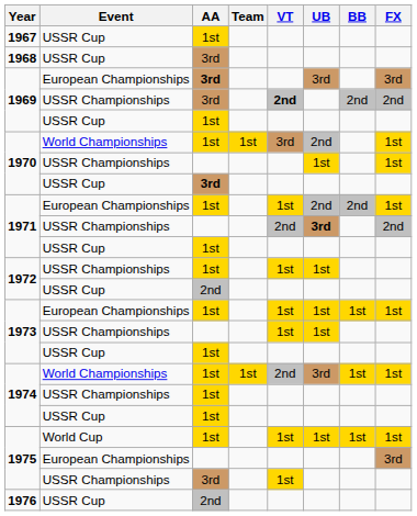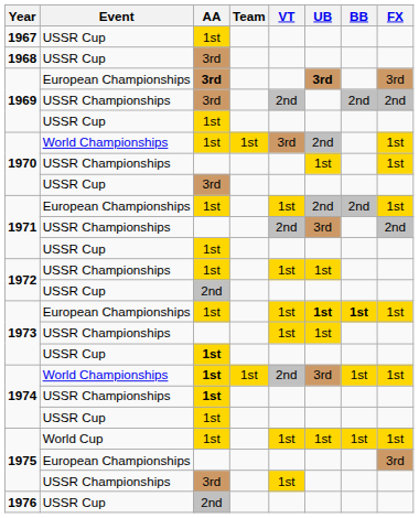 <table class="wikitable" style="text-align:center; font-size: 80%;">
 <tr>
 <th>Year</th>
 <th>Event</th>
 <th width=30px>AA</th>
 <th width=30px>Team</th>
 <th width=30px><a href='#'>VT</a></th>
 <th width=30px><a href='#'>UB</a></th>
 <th width=30px><a href='#'>BB</a></th>
 <th width=30px><a href='#'>FX</a></th>
 </tr>
 <tr>
 <td rowspan="1"><strong>1967</strong></td>
 <td align=left>USSR Cup</td>
 <td bgcolor=gold>1st</td>
 <td></td>
 <td></td>
 <td></td>
 <td></td>
 <td></td>
 </tr>
 <tr>
 <td rowspan="1"><strong>1968</strong></td>
 <td align=left>USSR Cup</td>
 <td bgcolor=CC9966>3rd</td>
 <td></td>
 <td></td>
 <td></td>
 <td></td>
 <td></td>
 </tr>
 <tr>
 <td rowspan="3"><strong>1969</strong></td>
 <td align=left>European Championships</td>
 <td bgcolor=CC9966><strong>3rd</strong></td>
 <td></td>
 <td></td>
-<td bgcolor=CC9966>3rd</td>
+<td bgcolor=CC9966><strong>3rd</strong></td>
 <td></td>
 <td bgcolor=CC9966>3rd</td>
 </tr>
 <tr>
 <td align=left>USSR Championships</td>
 <td bgcolor=CC9966>3rd</td>
 <td></td>
-<td bgcolor=silver><strong>2nd</strong></td>
+<td bgcolor=silver>2nd</td>
 <td></td>
 <td bgcolor=silver>2nd</td>
 <td bgcolor=silver>2nd</td>
 </tr>
 <tr>
 <td align=left>USSR Cup</td>
 <td bgcolor=gold>1st</td>
 <td></td>
 <td></td>
 <td></td>
 <td></td>
 <td></td>
 </tr>
 <tr>
 <td rowspan="3"><strong>1970</strong></td>
 <td align=left><a href='#'>World Championships</a></td>
 <td bgcolor=gold>1st</td>
 <td bgcolor=gold>1st</td>
 <td bgcolor=CC9966>3rd</td>
 <td bgcolor=silver>2nd</td>
 <td></td>
 <td bgcolor=gold>1st</td>
 </tr>
 <tr>
 <td align=left>USSR Championships</td>
 <td></td>
 <td></td>
 <td></td>
 <td bgcolor=gold>1st</td>
 <td></td>
 <td bgcolor=gold>1st</td>
 </tr>
 <tr>
 <td align=left>USSR Cup</td>
-<td bgcolor=CC9966><strong>3rd</strong></td>
+<td bgcolor=CC9966>3rd</td>
 <td></td>
 <td></td>
 <td></td>
 <td></td>
 <td></td>
 </tr>
 <tr>
 <td rowspan="3"><strong>1971</strong></td>
 <td align=left>European Championships</td>
 <td bgcolor=gold>1st</td>
 <td></td>
 <td bgcolor=gold>1st</td>
 <td bgcolor=silver>2nd</td>
 <td bgcolor=silver>2nd</td>
 <td bgcolor=gold>1st</td>
 </tr>
 <tr>
 <td align=left>USSR Championships</td>
 <td></td>
 <td></td>
 <td bgcolor=silver>2nd</td>
-<td bgcolor=CC9966><strong>3rd</strong></td>
+<td bgcolor=CC9966>3rd</td>
 <td></td>
 <td bgcolor=silver>2nd</td>
 </tr>
 <tr>
 <td align=left>USSR Cup</td>
 <td bgcolor=gold>1st</td>
 <td></td>
 <td></td>
 <td></td>
 <td></td>
 <td></td>
 </tr>
 <tr>
 <td rowspan="2"><strong>1972</strong></td>
 <td align=left>USSR Championships</td>
 <td bgcolor=gold>1st</td>
 <td></td>
 <td bgcolor=gold>1st</td>
 <td bgcolor=gold>1st</td>
 <td></td>
 <td></td>
 </tr>
 <tr>
 <td align=left>USSR Cup</td>
 <td bgcolor=silver>2nd</td>
 <td></td>
 <td></td>
 <td></td>
 <td></td>
 <td></td>
 </tr>
 <tr>
 <td rowspan="3"><strong>1973</strong></td>
 <td align=left>European Championships</td>
 <td bgcolor=gold>1st</td>
 <td></td>
 <td bgcolor=gold>1st</td>
-<td bgcolor=gold>1st</td>
-<td bgcolor=gold>1st</td>
+<td bgcolor=gold><strong>1st</strong></td>
+<td bgcolor=gold><strong>1st</strong></td>
 <td bgcolor=gold>1st</td>
 </tr>
 <tr>
 <td align=left>USSR Championships</td>
 <td></td>
 <td></td>
 <td bgcolor=gold>1st</td>
 <td bgcolor=gold>1st</td>
 <td></td>
 <td></td>
 </tr>
 <tr>
 <td align=left>USSR Cup</td>
-<td bgcolor=gold>1st</td>
+<td bgcolor=gold><strong>1st</strong></td>
 <td></td>
 <td></td>
 <td></td>
 <td></td>
 <td></td>
 </tr>
 <tr>
 <td rowspan="3"><strong>1974</strong></td>
 <td align=left><a href='#'>World Championships</a></td>
-<td bgcolor=gold>1st</td>
+<td bgcolor=gold><strong>1st</strong></td>
 <td bgcolor=gold>1st</td>
 <td bgcolor=silver>2nd</td>
 <td bgcolor=CC9966>3rd</td>
 <td bgcolor=gold>1st</td>
 <td bgcolor=gold>1st</td>
 </tr>
 <tr>
 <td align=left>USSR Championships</td>
-<td bgcolor=gold>1st</td>
+<td bgcolor=gold><strong>1st</strong></td>
 <td></td>
 <td></td>
 <td></td>
 <td></td>
 <td></td>
 </tr>
 <tr>
 <td align=left>USSR Cup</td>
 <td bgcolor=gold>1st</td>
 <td></td>
 <td></td>
 <td></td>
 <td></td>
 <td></td>
 </tr>
 <tr>
 <td rowspan="3"><strong>1975</strong></td>
 <td align=left>World Cup</td>
 <td bgcolor=gold>1st</td>
 <td></td>
 <td bgcolor=gold>1st</td>
 <td bgcolor=gold>1st</td>
 <td bgcolor=gold>1st</td>
 <td bgcolor=gold>1st</td>
 </tr>
 <tr>
 <td align=left>European Championships</td>
 <td></td>
 <td></td>
 <td></td>
 <td></td>
 <td></td>
 <td bgcolor=CC9966>3rd</td>
 </tr>
 <tr>
 <td align=left>USSR Championships</td>
 <td bgcolor=CC9966>3rd</td>
 <td></td>
 <td bgcolor=gold>1st</td>
 <td></td>
 <td></td>
 <td></td>
 </tr>
 <tr>
 <td rowspan="1"><strong>1976</strong></td>
 <td align=left>USSR Cup</td>
 <td bgcolor=silver>2nd</td>
 <td></td>
 <td></td>
 <td></td>
 <td></td>
 <td></td>
 </tr>
 </table>
